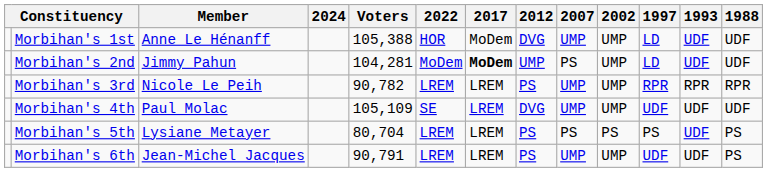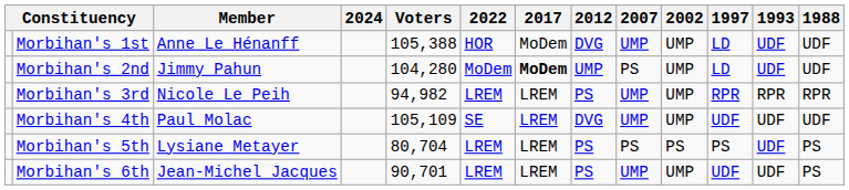 <table class="wikitable sortable">
 <tr>
 <th colspan="2">Constituency</th>
 <th>Member</th>
 <th>2024</th>
 <th>Voters</th>
 <th>2022</th>
 <th>2017</th>
 <th>2012</th>
 <th>2007</th>
 <th>2002</th>
 <th>1997</th>
 <th>1993</th>
 <th>1988</th>
 </tr>
 <tr>
 <td style="background-color: "></td>
 <td><a href='#'>Morbihan's 1st</a></td>
 <td><a href='#'>Anne Le Hénanff</a></td>
 <td></td>
 <td>105,388</td>
 <td><a href='#'>HOR</a></td>
 <td>MoDem</td>
 <td><a href='#'>DVG</a></td>
 <td><a href='#'>UMP</a></td>
 <td>UMP</td>
 <td><a href='#'>LD</a></td>
 <td><a href='#'>UDF</a></td>
 <td>UDF</td>
 </tr>
 <tr>
 <td style="background-color: "></td>
 <td><a href='#'>Morbihan's 2nd</a></td>
 <td><a href='#'>Jimmy Pahun</a></td>
 <td></td>
-<td>104,281</td>
+<td>104,280</td>
 <td><a href='#'>MoDem</a></td>
 <td><strong>MoDem</strong></td>
 <td><a href='#'>UMP</a></td>
 <td>PS</td>
 <td>UMP</td>
 <td><a href='#'>LD</a></td>
 <td><a href='#'>UDF</a></td>
 <td>UDF</td>
 </tr>
 <tr>
 <td style="background-color: "></td>
 <td><a href='#'>Morbihan's 3rd</a></td>
 <td><a href='#'>Nicole Le Peih</a></td>
 <td></td>
-<td>90,782</td>
+<td>94,982</td>
 <td><a href='#'>LREM</a></td>
 <td>LREM</td>
 <td><a href='#'>PS</a></td>
 <td><a href='#'>UMP</a></td>
 <td>UMP</td>
 <td><a href='#'>RPR</a></td>
 <td>RPR</td>
 <td>RPR</td>
 </tr>
 <tr>
 <td style="background-color: "></td>
 <td><a href='#'>Morbihan's 4th</a></td>
 <td><a href='#'>Paul Molac</a></td>
 <td></td>
 <td>105,109</td>
 <td><a href='#'>SE</a></td>
 <td><a href='#'>LREM</a></td>
 <td><a href='#'>DVG</a></td>
 <td><a href='#'>UMP</a></td>
 <td>UMP</td>
 <td><a href='#'>UDF</a></td>
 <td>UDF</td>
 <td>UDF</td>
 </tr>
 <tr>
 <td style="background-color: "></td>
 <td><a href='#'>Morbihan's 5th</a></td>
 <td><a href='#'>Lysiane Metayer</a></td>
 <td></td>
 <td>80,704</td>
 <td><a href='#'>LREM</a></td>
 <td>LREM</td>
 <td><a href='#'>PS</a></td>
 <td>PS</td>
 <td>PS</td>
 <td>PS</td>
 <td><a href='#'>UDF</a></td>
 <td>PS</td>
 </tr>
 <tr>
 <td style="background-color: "></td>
 <td><a href='#'>Morbihan's 6th</a></td>
 <td><a href='#'>Jean-Michel Jacques</a></td>
 <td></td>
-<td>90,791</td>
+<td>90,701</td>
 <td><a href='#'>LREM</a></td>
 <td>LREM</td>
 <td><a href='#'>PS</a></td>
 <td><a href='#'>UMP</a></td>
 <td>UMP</td>
 <td><a href='#'>UDF</a></td>
 <td>UDF</td>
 <td>PS</td>
 </tr>
 </table>
